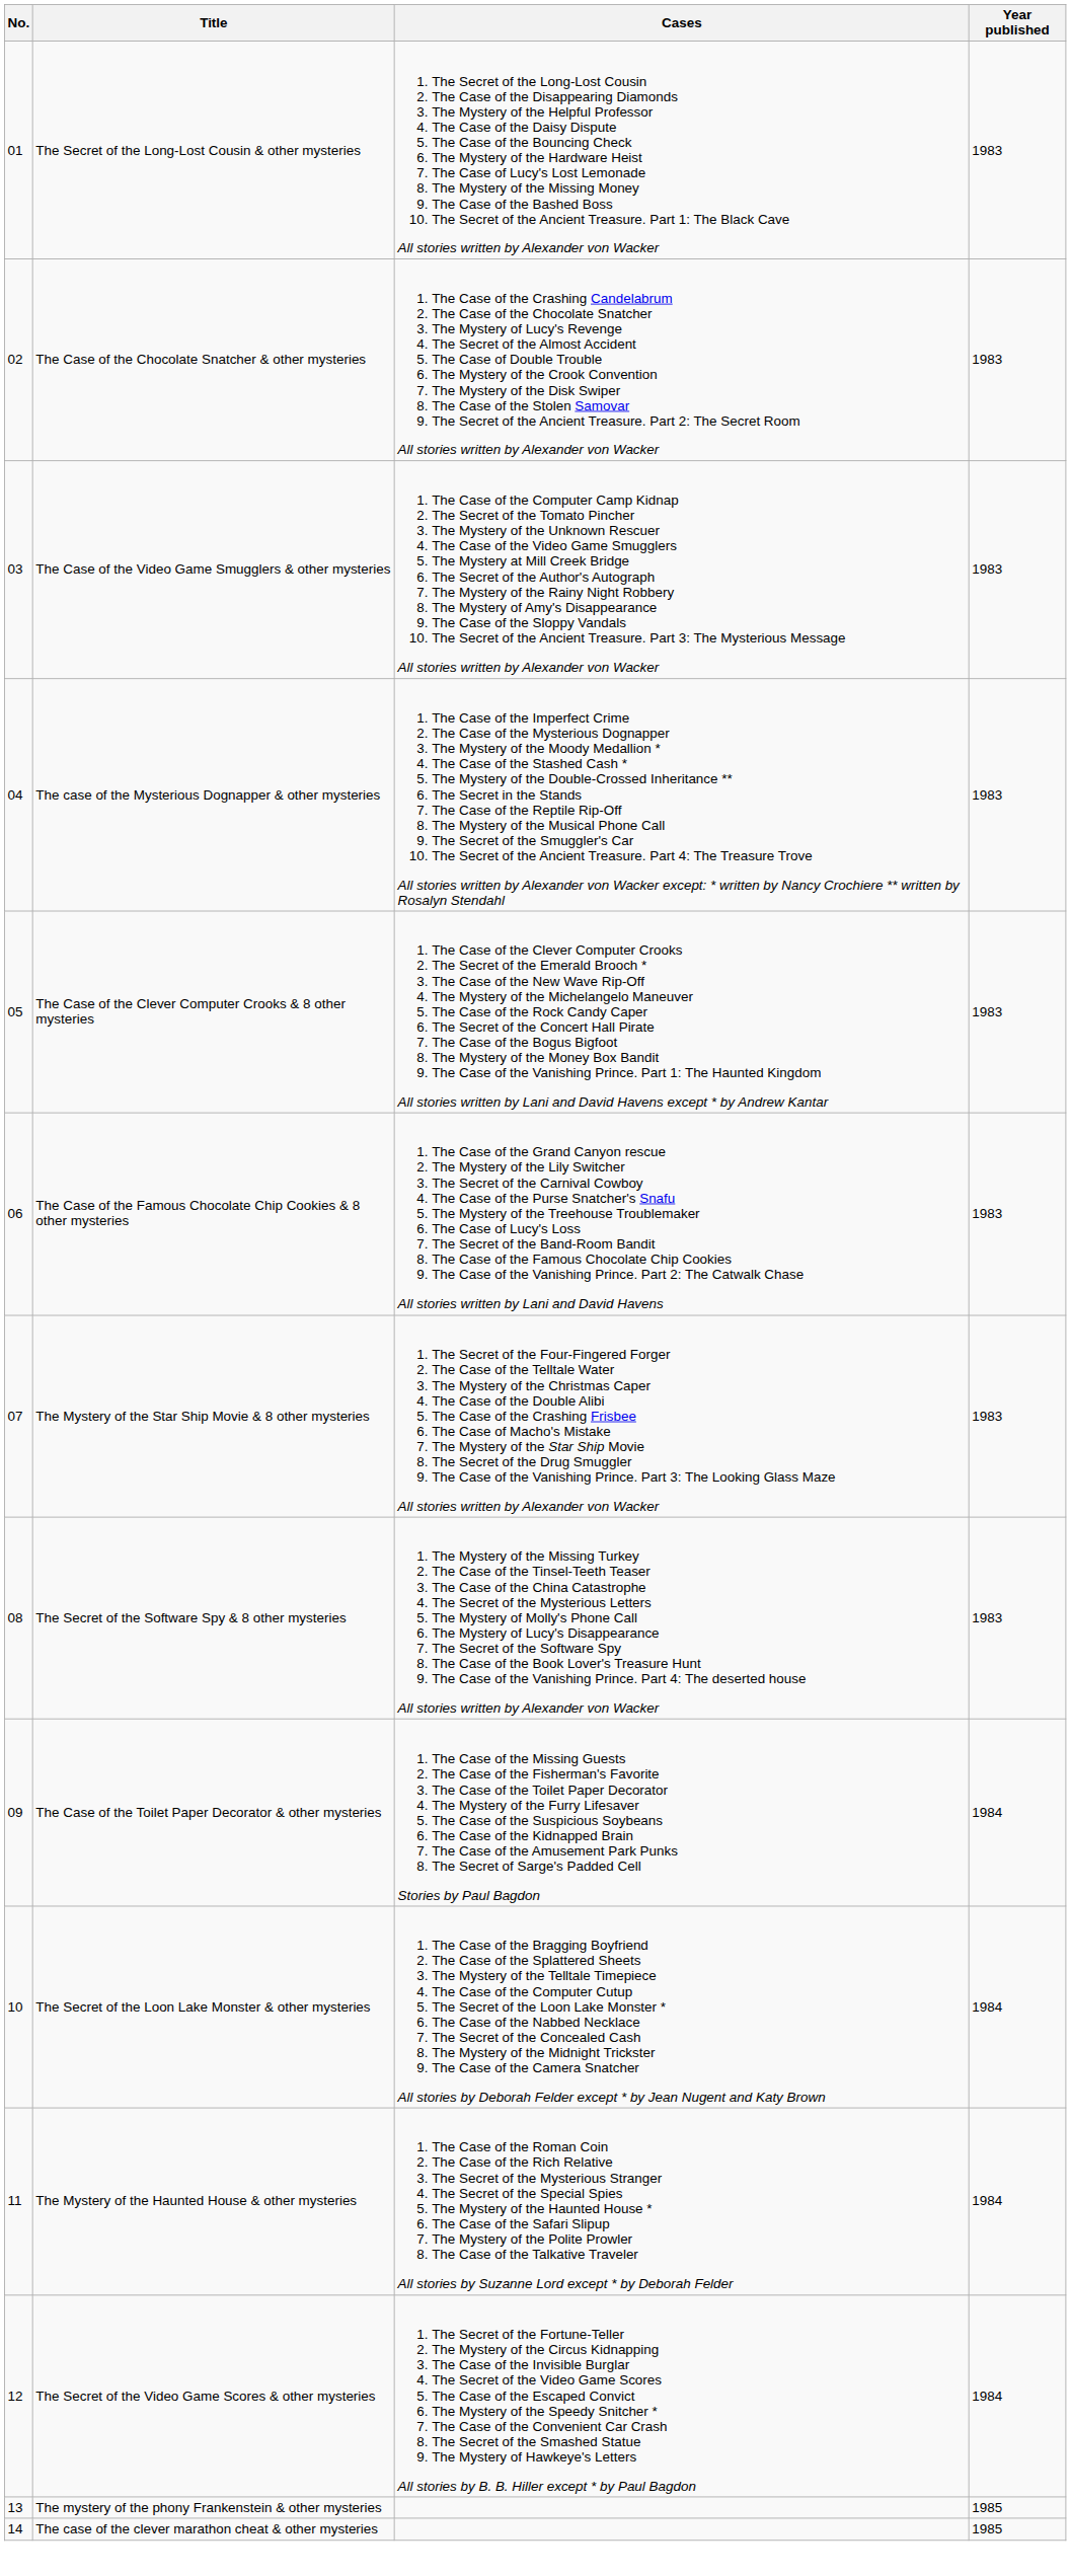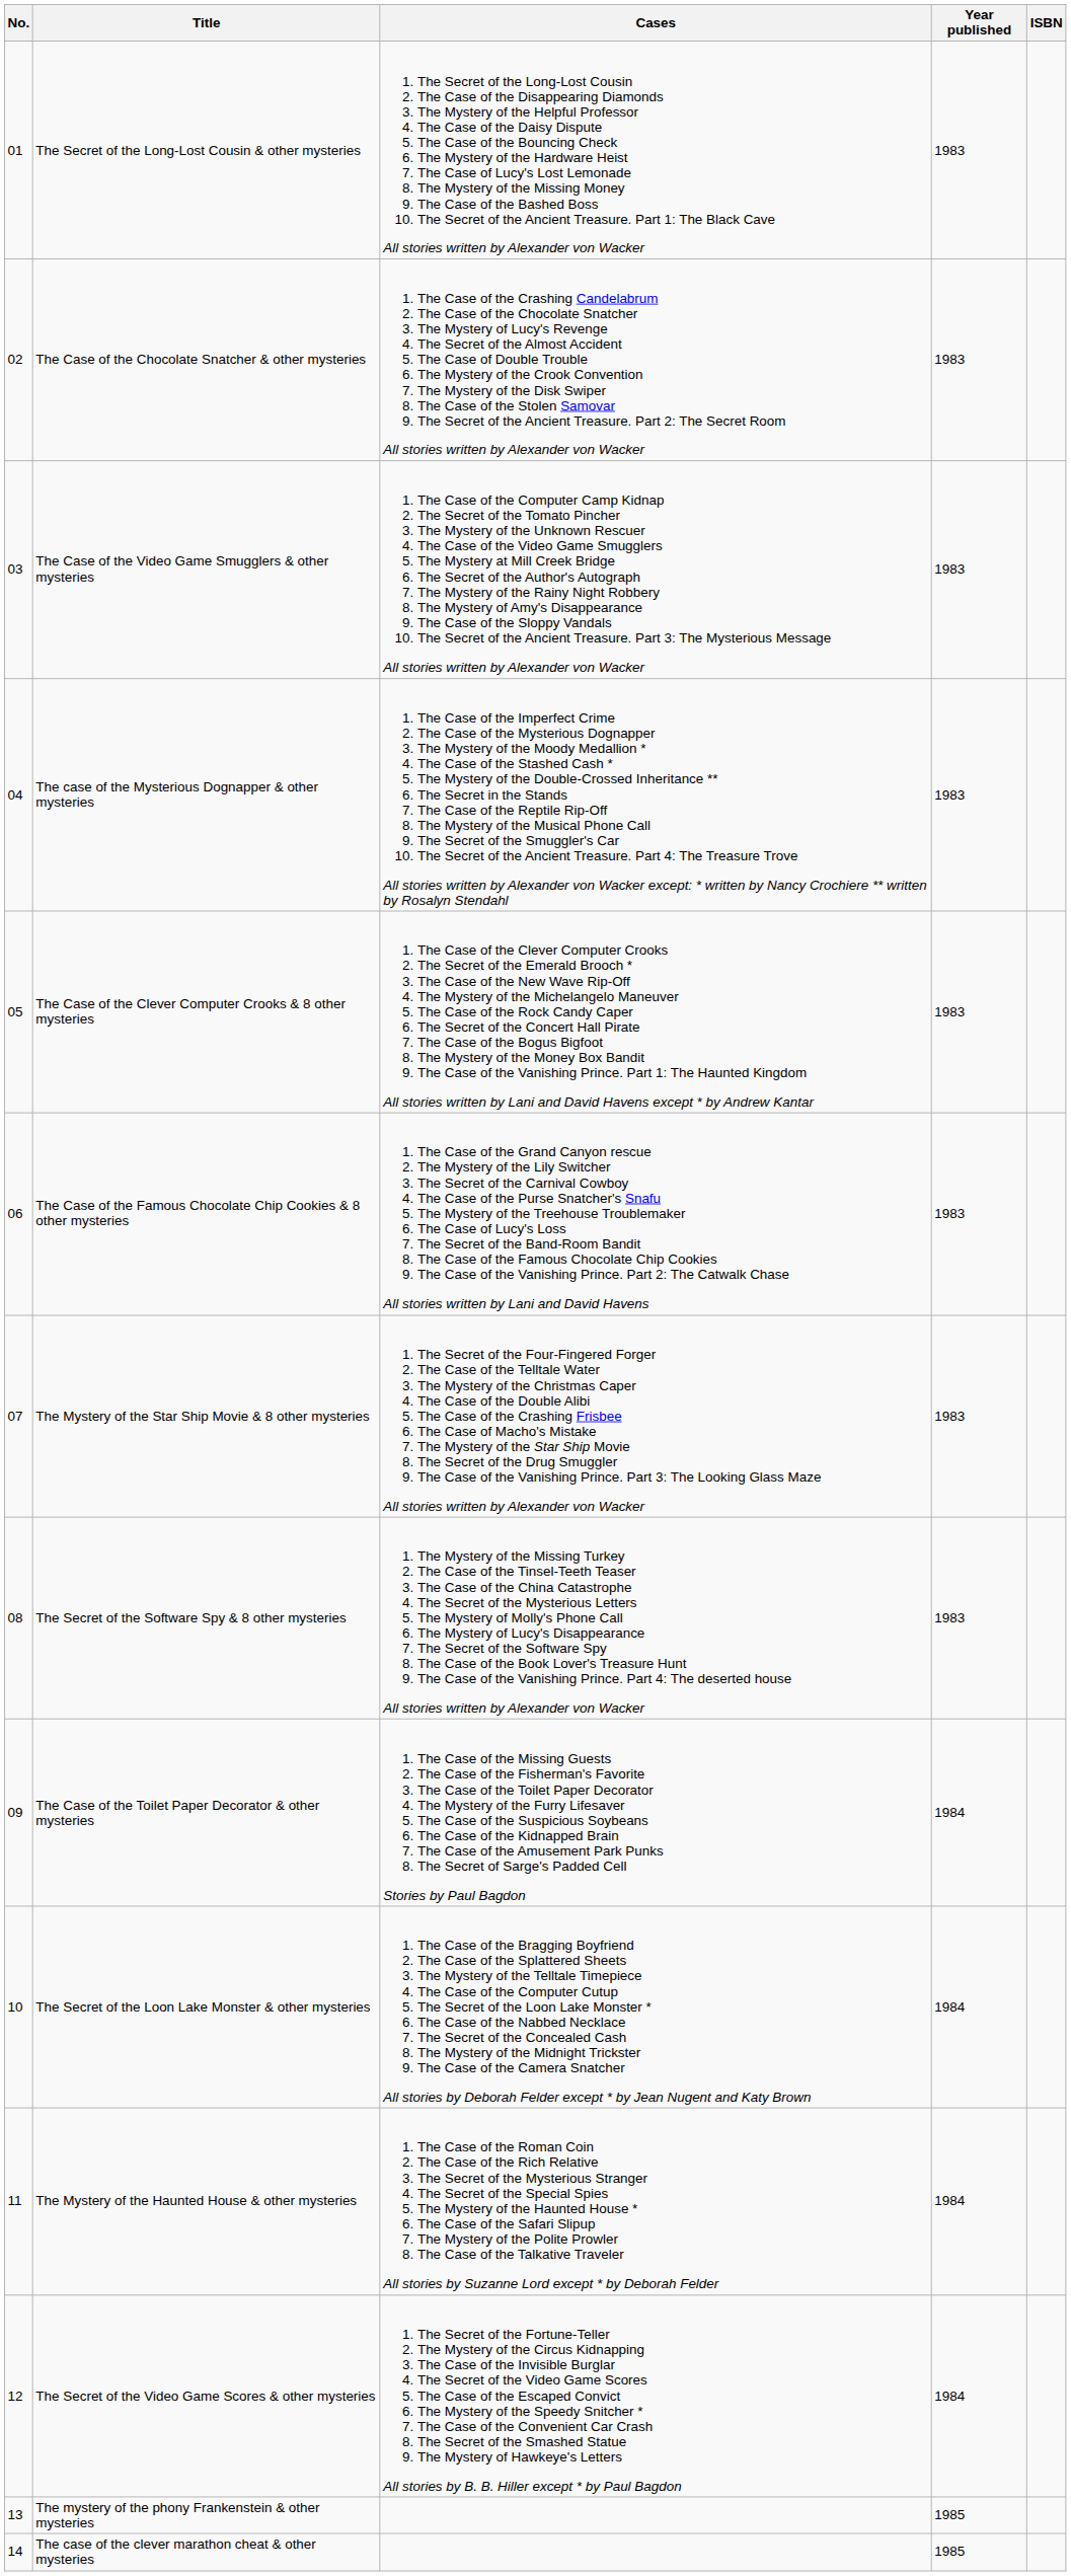 <table class="wikitable" border="1">
 <tr>
 <th>No.</th>
 <th>Title</th>
 <th>Cases</th>
 <th>Year published</th>
+<th>ISBN</th>
 </tr>
 <tr>
 <td>01</td>
 <td>The Secret of the Long-Lost Cousin & other mysteries</td>
 <td><br><ol><li>The Secret of the Long-Lost Cousin</li><li>The Case of the Disappearing Diamonds</li><li>The Mystery of the Helpful Professor</li><li>The Case of the Daisy Dispute</li><li>The Case of the Bouncing Check</li><li>The Mystery of the Hardware Heist</li><li>The Case of Lucy's Lost Lemonade</li><li>The Mystery of the Missing Money</li><li>The Case of the Bashed Boss</li><li>The Secret of the Ancient Treasure. Part 1: The Black Cave</li></ol><em>All stories written by Alexander von Wacker</em></td>
 <td>1983</td>
+<td></td>
 </tr>
 <tr>
 <td>02</td>
 <td>The Case of the Chocolate Snatcher & other mysteries</td>
 <td><br><ol><li>The Case of the Crashing <a href='#'>Candelabrum</a></li><li>The Case of the Chocolate Snatcher</li><li>The Mystery of Lucy's Revenge</li><li>The Secret of the Almost Accident</li><li>The Case of Double Trouble</li><li>The Mystery of the Crook Convention</li><li>The Mystery of the Disk Swiper</li><li>The Case of the Stolen <a href='#'>Samovar</a></li><li>The Secret of the Ancient Treasure. Part 2: The Secret Room</li></ol><em>All stories written by Alexander von Wacker</em></td>
 <td>1983</td>
+<td></td>
 </tr>
 <tr>
 <td>03</td>
 <td>The Case of the Video Game Smugglers & other mysteries</td>
 <td><br><ol><li>The Case of the Computer Camp Kidnap</li><li>The Secret of the Tomato Pincher</li><li>The Mystery of the Unknown Rescuer</li><li>The Case of the Video Game Smugglers</li><li>The Mystery at Mill Creek Bridge</li><li>The Secret of the Author's Autograph</li><li>The Mystery of the Rainy Night Robbery</li><li>The Mystery of Amy's Disappearance</li><li>The Case of the Sloppy Vandals</li><li>The Secret of the Ancient Treasure. Part 3: The Mysterious Message</li></ol><em>All stories written by Alexander von Wacker</em></td>
 <td>1983</td>
+<td></td>
 </tr>
 <tr>
 <td>04</td>
 <td>The case of the Mysterious Dognapper & other mysteries</td>
 <td><br><ol><li>The Case of the Imperfect Crime</li><li>The Case of the Mysterious Dognapper</li><li>The Mystery of the Moody Medallion *</li><li>The Case of the Stashed Cash *</li><li>The Mystery of the Double-Crossed Inheritance **</li><li>The Secret in the Stands</li><li>The Case of the Reptile Rip-Off</li><li>The Mystery of the Musical Phone Call</li><li>The Secret of the Smuggler's Car</li><li>The Secret of the Ancient Treasure. Part 4: The Treasure Trove</li></ol><em>All stories written by Alexander von Wacker except:</em> <em>* written by Nancy Crochiere</em> <em>** written by Rosalyn Stendahl</em></td>
 <td>1983</td>
+<td></td>
 </tr>
 <tr>
 <td>05</td>
 <td>The Case of the Clever Computer Crooks & 8 other mysteries</td>
 <td><br><ol><li>The Case of the Clever Computer Crooks</li><li>The Secret of the Emerald Brooch *</li><li>The Case of the New Wave Rip-Off</li><li>The Mystery of the Michelangelo Maneuver</li><li>The Case of the Rock Candy Caper</li><li>The Secret of the Concert Hall Pirate</li><li>The Case of the Bogus Bigfoot</li><li>The Mystery of the Money Box Bandit</li><li>The Case of the Vanishing Prince. Part 1: The Haunted Kingdom</li></ol><em>All stories written by Lani and David Havens except</em> <em>* by Andrew Kantar</em></td>
 <td>1983</td>
+<td></td>
 </tr>
 <tr>
 <td>06</td>
 <td>The Case of the Famous Chocolate Chip Cookies & 8 other mysteries</td>
 <td><br><ol><li>The Case of the Grand Canyon rescue</li><li>The Mystery of the Lily Switcher</li><li>The Secret of the Carnival Cowboy</li><li>The Case of the Purse Snatcher's <a href='#'>Snafu</a></li><li>The Mystery of the Treehouse Troublemaker</li><li>The Case of Lucy's Loss</li><li>The Secret of the Band-Room Bandit</li><li>The Case of the Famous Chocolate Chip Cookies</li><li>The Case of the Vanishing Prince. Part 2: The Catwalk Chase</li></ol><em>All stories written by Lani and David Havens</em></td>
 <td>1983</td>
+<td></td>
 </tr>
 <tr>
 <td>07</td>
 <td>The Mystery of the Star Ship Movie & 8 other mysteries</td>
 <td><br><ol><li>The Secret of the Four-Fingered Forger</li><li>The Case of the Telltale Water</li><li>The Mystery of the Christmas Caper</li><li>The Case of the Double Alibi</li><li>The Case of the Crashing <a href='#'>Frisbee</a></li><li>The Case of Macho's Mistake</li><li>The Mystery of the <em>Star Ship</em> Movie</li><li>The Secret of the Drug Smuggler</li><li>The Case of the Vanishing Prince. Part 3: The Looking Glass Maze</li></ol><em>All stories written by Alexander von Wacker</em></td>
 <td>1983</td>
+<td></td>
 </tr>
 <tr>
 <td>08</td>
 <td>The Secret of the Software Spy & 8 other mysteries</td>
 <td><br><ol><li>The Mystery of the Missing Turkey</li><li>The Case of the Tinsel-Teeth Teaser</li><li>The Case of the China Catastrophe</li><li>The Secret of the Mysterious Letters</li><li>The Mystery of Molly's Phone Call</li><li>The Mystery of Lucy's Disappearance</li><li>The Secret of the Software Spy</li><li>The Case of the Book Lover's Treasure Hunt</li><li>The Case of the Vanishing Prince. Part 4: The deserted house</li></ol><em>All stories written by Alexander von Wacker</em></td>
 <td>1983</td>
+<td></td>
 </tr>
 <tr>
 <td>09</td>
 <td>The Case of the Toilet Paper Decorator & other mysteries</td>
 <td><br><ol><li>The Case of the Missing Guests</li><li>The Case of the Fisherman's Favorite</li><li>The Case of the Toilet Paper Decorator</li><li>The Mystery of the Furry Lifesaver</li><li>The Case of the Suspicious Soybeans</li><li>The Case of the Kidnapped Brain</li><li>The Case of the Amusement Park Punks</li><li>The Secret of Sarge's Padded Cell</li></ol><em> Stories by Paul Bagdon</em></td>
 <td>1984</td>
+<td></td>
 </tr>
 <tr>
 <td>10</td>
 <td>The Secret of the Loon Lake Monster & other mysteries</td>
 <td><br><ol><li>The Case of the Bragging Boyfriend</li><li>The Case of the Splattered Sheets</li><li>The Mystery of the Telltale Timepiece</li><li>The Case of the Computer Cutup</li><li>The Secret of the Loon Lake Monster *</li><li>The Case of the Nabbed Necklace</li><li>The Secret of the Concealed Cash</li><li>The Mystery of the Midnight Trickster</li><li>The Case of the Camera Snatcher</li></ol><em> All stories by Deborah Felder except</em> <em> * by Jean Nugent and Katy Brown</em></td>
 <td>1984</td>
+<td></td>
 </tr>
 <tr>
 <td>11</td>
 <td>The Mystery of the Haunted House & other mysteries</td>
 <td><br><ol><li>The Case of the Roman Coin</li><li>The Case of the Rich Relative</li><li>The Secret of the Mysterious Stranger</li><li>The Secret of the Special Spies</li><li>The Mystery of the Haunted House *</li><li>The Case of the Safari Slipup</li><li>The Mystery of the Polite Prowler</li><li>The Case of the Talkative Traveler</li></ol><em> All stories by Suzanne Lord except</em> <em> * by Deborah Felder</em></td>
 <td>1984</td>
+<td></td>
 </tr>
 <tr>
 <td>12</td>
 <td>The Secret of the Video Game Scores & other mysteries</td>
 <td><br><ol><li>The Secret of the Fortune-Teller</li><li>The Mystery of the Circus Kidnapping</li><li>The Case of the Invisible Burglar</li><li>The Secret of the Video Game Scores</li><li>The Case of the Escaped Convict</li><li>The Mystery of the Speedy Snitcher *</li><li>The Case of the Convenient Car Crash</li><li>The Secret of the Smashed Statue</li><li>The Mystery of Hawkeye's Letters</li></ol><em> All stories by B. B. Hiller except</em> <em> * by Paul Bagdon</em></td>
 <td>1984</td>
+<td></td>
 </tr>
 <tr>
 <td>13</td>
 <td>The mystery of the phony Frankenstein & other mysteries</td>
 <td></td>
 <td>1985</td>
+<td></td>
 </tr>
 <tr>
 <td>14</td>
 <td>The case of the clever marathon cheat & other mysteries</td>
 <td></td>
 <td>1985</td>
+<td></td>
 </tr>
 </table>
